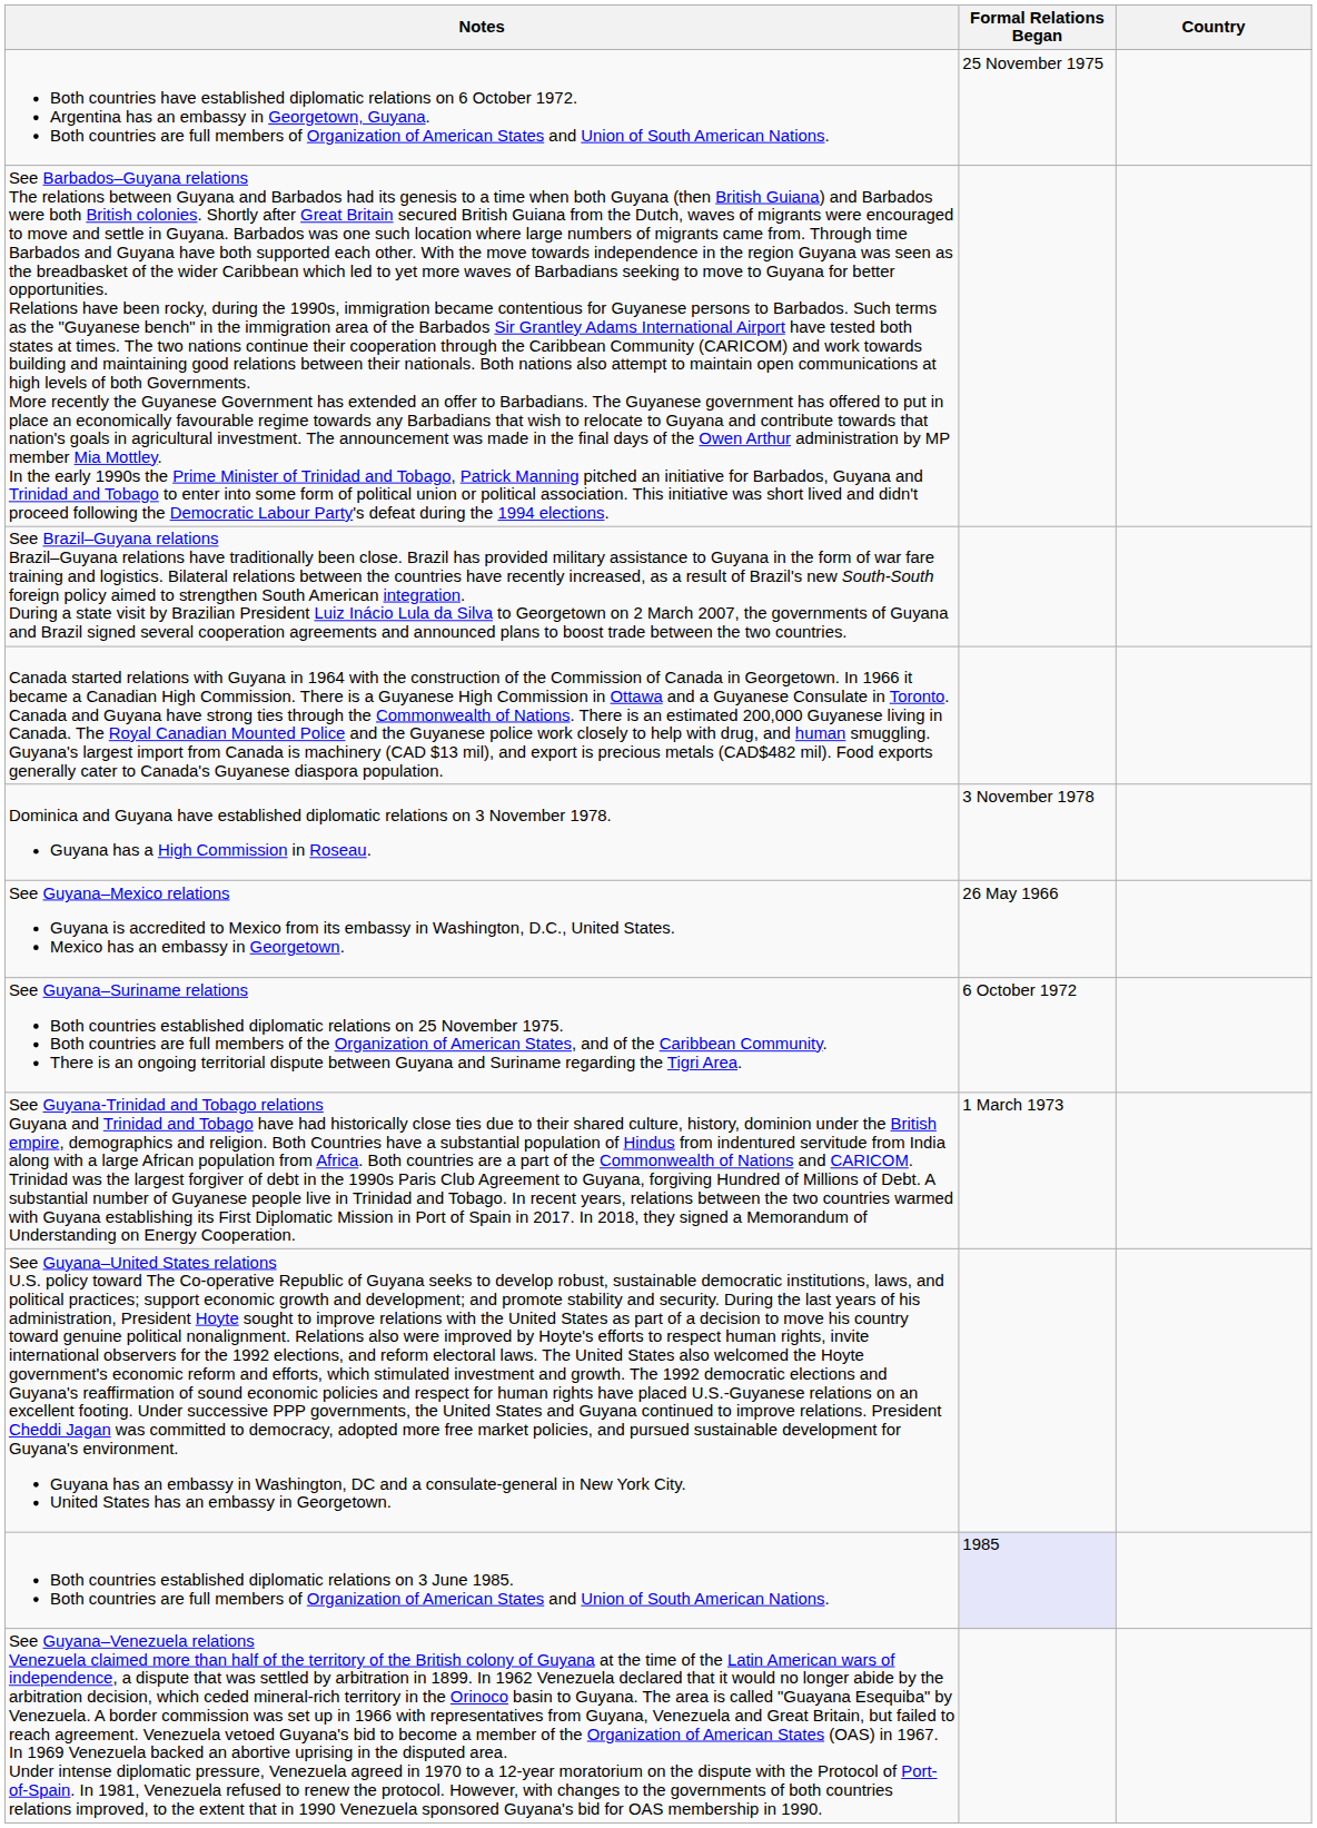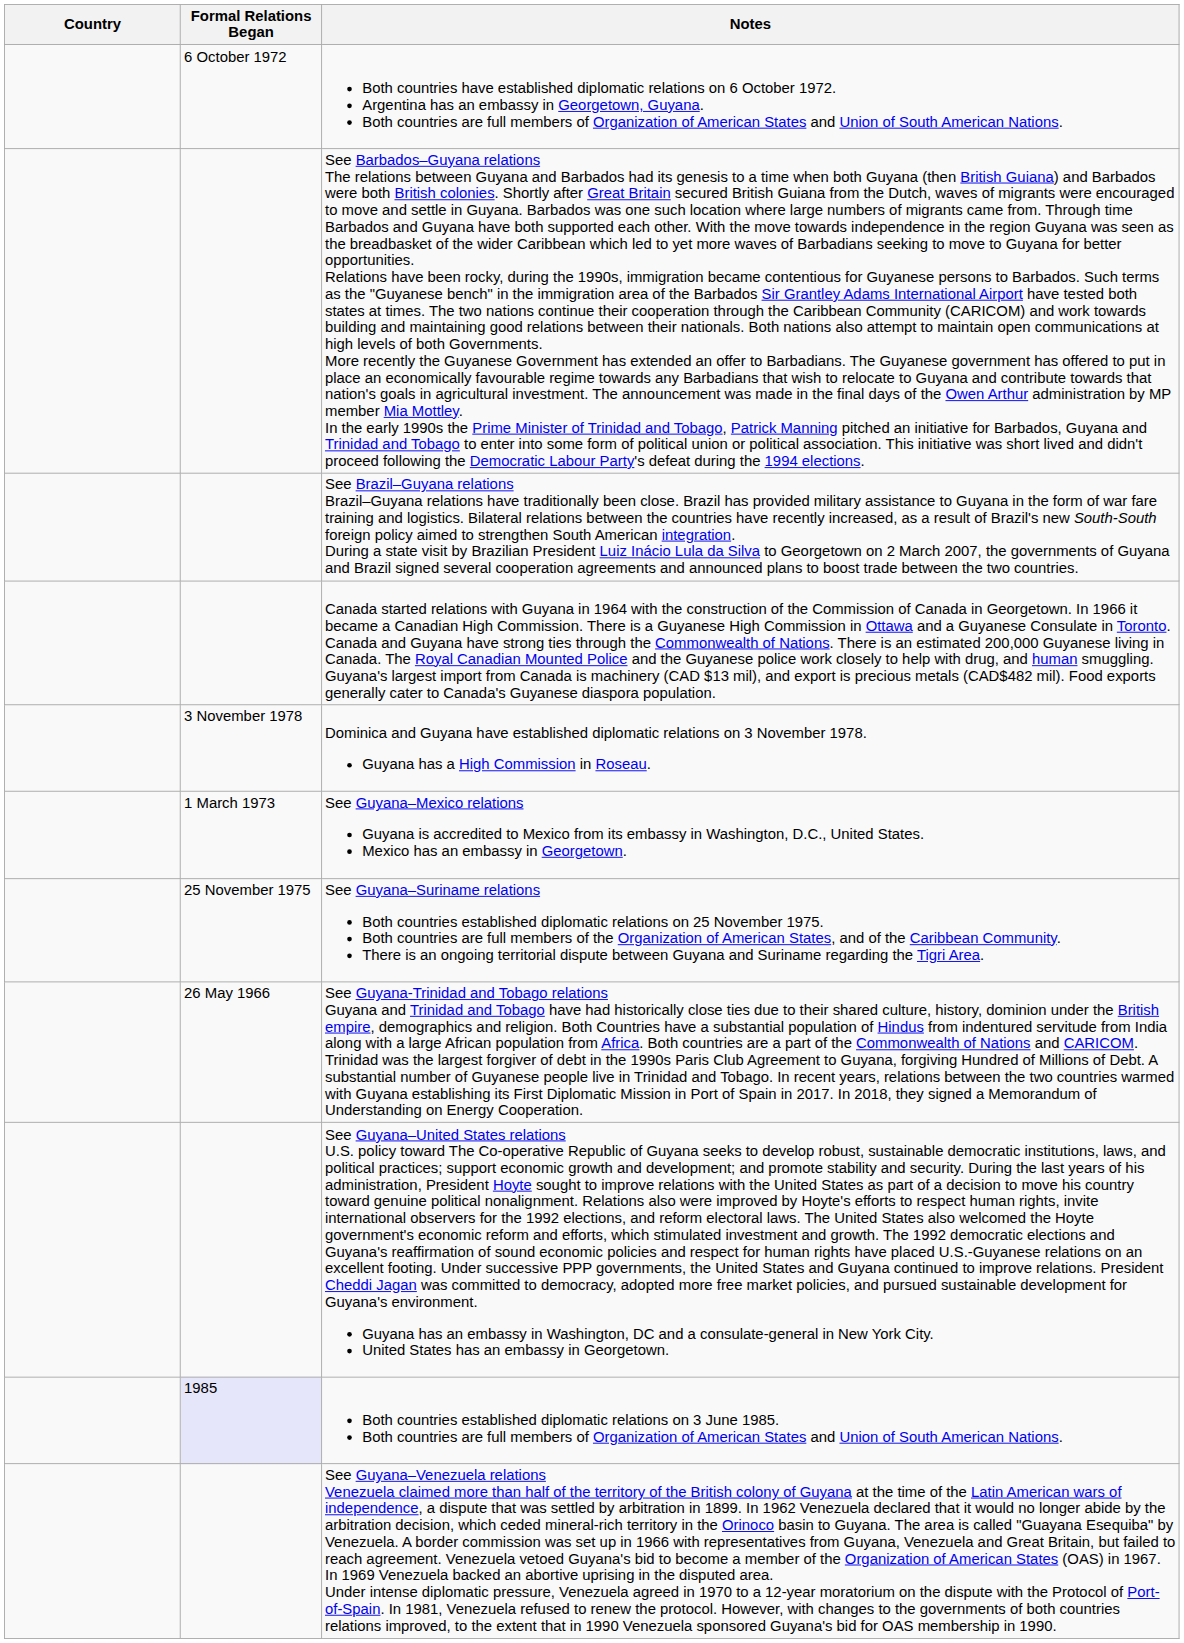 <table class="wikitable sortable" style="width:100%; margin:auto;">
 <tr>
+<th style="width:15%;">Country</th>
+<th style="width:12%;">Formal Relations Began</th>
 <th>Notes</th>
-<th style="width:12%;">Formal Relations Began</th>
-<th style="width:15%;">Country</th>
 </tr>
 <tr valign="top">
+<td></td>
+<td>6 October 1972</td>
 <td><br><ul><li>Both countries have established diplomatic relations on 6 October 1972.</li><li>Argentina has an embassy in <a href='#'>Georgetown, Guyana</a>.</li><li>Both countries are full members of <a href='#'>Organization of American States</a> and <a href='#'>Union of South American Nations</a>.</li></ul></td>
-<td>25 November 1975</td>
-<td></td>
 </tr>
 <tr valign="top">
-<td>See <a href='#'>Barbados–Guyana relations</a><br>The relations between Guyana and Barbados had its genesis to a time when both Guyana (then <a href='#'>British Guiana</a>) and Barbados were both <a href='#'>British colonies</a>.  Shortly after <a href='#'>Great Britain</a> secured British Guiana from the Dutch, waves of migrants were encouraged to move and settle in Guyana.  Barbados was one such location where large numbers of migrants came from.  Through time Barbados and Guyana have both supported each other. With the move towards independence in the region Guyana was seen as the breadbasket of the wider Caribbean which led to yet more waves of Barbadians seeking to move to Guyana for better opportunities.<br>Relations have been rocky, during the 1990s, immigration became contentious for Guyanese persons to Barbados.  Such terms as the "Guyanese bench" in the immigration area of the Barbados <a href='#'>Sir Grantley Adams International Airport</a> have tested both states at times.  The two nations continue their cooperation through the Caribbean Community (CARICOM) and work towards building and maintaining good relations between their nationals.  Both nations also attempt to maintain open communications at high levels of both Governments.<br>More recently the Guyanese Government has extended an offer to Barbadians. The Guyanese government has offered to put in place an economically favourable regime towards any Barbadians that wish to relocate to Guyana and contribute towards that nation's goals in agricultural investment. The announcement was made in the final days of the <a href='#'>Owen Arthur</a> administration by MP member <a href='#'>Mia Mottley</a>.<br>In the early 1990s the <a href='#'>Prime Minister of Trinidad and Tobago</a>, <a href='#'>Patrick Manning</a> pitched an initiative for Barbados, Guyana and <a href='#'>Trinidad and Tobago</a> to enter into some form of political union or political association.  This initiative was short lived and didn't proceed following the <a href='#'>Democratic Labour Party</a>'s defeat during the <a href='#'>1994 elections</a>.</td>
 <td></td>
 <td></td>
+<td>See <a href='#'>Barbados–Guyana relations</a><br>The relations between Guyana and Barbados had its genesis to a time when both Guyana (then <a href='#'>British Guiana</a>) and Barbados were both <a href='#'>British colonies</a>.  Shortly after <a href='#'>Great Britain</a> secured British Guiana from the Dutch, waves of migrants were encouraged to move and settle in Guyana.  Barbados was one such location where large numbers of migrants came from.  Through time Barbados and Guyana have both supported each other. With the move towards independence in the region Guyana was seen as the breadbasket of the wider Caribbean which led to yet more waves of Barbadians seeking to move to Guyana for better opportunities.<br>Relations have been rocky, during the 1990s, immigration became contentious for Guyanese persons to Barbados.  Such terms as the "Guyanese bench" in the immigration area of the Barbados <a href='#'>Sir Grantley Adams International Airport</a> have tested both states at times.  The two nations continue their cooperation through the Caribbean Community (CARICOM) and work towards building and maintaining good relations between their nationals.  Both nations also attempt to maintain open communications at high levels of both Governments.<br>More recently the Guyanese Government has extended an offer to Barbadians. The Guyanese government has offered to put in place an economically favourable regime towards any Barbadians that wish to relocate to Guyana and contribute towards that nation's goals in agricultural investment. The announcement was made in the final days of the <a href='#'>Owen Arthur</a> administration by MP member <a href='#'>Mia Mottley</a>.<br>In the early 1990s the <a href='#'>Prime Minister of Trinidad and Tobago</a>, <a href='#'>Patrick Manning</a> pitched an initiative for Barbados, Guyana and <a href='#'>Trinidad and Tobago</a> to enter into some form of political union or political association.  This initiative was short lived and didn't proceed following the <a href='#'>Democratic Labour Party</a>'s defeat during the <a href='#'>1994 elections</a>.</td>
 </tr>
 <tr valign="top">
-<td>See <a href='#'>Brazil–Guyana relations</a><br>Brazil–Guyana relations have traditionally been close. Brazil has provided military assistance to Guyana in the form of war fare training and logistics. Bilateral relations between the countries have recently increased, as a result of Brazil's new <em>South-South</em> foreign policy aimed to strengthen South American <a href='#'>integration</a>.<br>During a state visit by Brazilian President <a href='#'>Luiz Inácio Lula da Silva</a> to Georgetown on 2 March 2007, the governments of Guyana and Brazil signed several cooperation agreements and announced plans to boost trade between the two countries.</td>
 <td></td>
 <td></td>
+<td>See <a href='#'>Brazil–Guyana relations</a><br>Brazil–Guyana relations have traditionally been close. Brazil has provided military assistance to Guyana in the form of war fare training and logistics. Bilateral relations between the countries have recently increased, as a result of Brazil's new <em>South-South</em> foreign policy aimed to strengthen South American <a href='#'>integration</a>.<br>During a state visit by Brazilian President <a href='#'>Luiz Inácio Lula da Silva</a> to Georgetown on 2 March 2007, the governments of Guyana and Brazil signed several cooperation agreements and announced plans to boost trade between the two countries.</td>
 </tr>
 <tr valign="top">
-<td><br>Canada started relations with Guyana in 1964 with the construction of the Commission of Canada in Georgetown. In 1966 it became a Canadian High Commission. There is a Guyanese High Commission in <a href='#'>Ottawa</a> and a Guyanese Consulate in <a href='#'>Toronto</a>.<br>Canada and Guyana have strong ties through the <a href='#'>Commonwealth of Nations</a>. There is an estimated 200,000 Guyanese living in Canada. The <a href='#'>Royal Canadian Mounted Police</a> and the Guyanese police work closely to help with drug, and <a href='#'>human</a> smuggling.<br>Guyana's largest import from Canada is machinery (CAD $13 mil), and export is precious metals (CAD$482 mil). Food exports generally cater to Canada's Guyanese diaspora population.</td>
 <td></td>
 <td></td>
+<td><br>Canada started relations with Guyana in 1964 with the construction of the Commission of Canada in Georgetown. In 1966 it became a Canadian High Commission. There is a Guyanese High Commission in <a href='#'>Ottawa</a> and a Guyanese Consulate in <a href='#'>Toronto</a>.<br>Canada and Guyana have strong ties through the <a href='#'>Commonwealth of Nations</a>. There is an estimated 200,000 Guyanese living in Canada. The <a href='#'>Royal Canadian Mounted Police</a> and the Guyanese police work closely to help with drug, and <a href='#'>human</a> smuggling.<br>Guyana's largest import from Canada is machinery (CAD $13 mil), and export is precious metals (CAD$482 mil). Food exports generally cater to Canada's Guyanese diaspora population.</td>
 </tr>
 <tr valign="top">
+<td></td>
+<td>3 November 1978</td>
 <td><br>Dominica and Guyana have established diplomatic relations on 3 November 1978.<ul><li>Guyana has a <a href='#'>High Commission</a> in <a href='#'>Roseau</a>.</li></ul></td>
-<td>3 November 1978</td>
-<td></td>
 </tr>
 <tr valign="top">
+<td></td>
+<td>1 March 1973</td>
 <td>See <a href='#'>Guyana–Mexico relations</a><br><ul><li>Guyana is accredited to Mexico from its embassy in Washington, D.C., United States.</li><li>Mexico has an embassy in <a href='#'>Georgetown</a>.</li></ul></td>
-<td>26 May 1966</td>
-<td></td>
 </tr>
 <tr valign="top">
+<td></td>
+<td>25 November 1975</td>
 <td>See <a href='#'>Guyana–Suriname relations</a><br><ul><li>Both countries established diplomatic relations on 25 November 1975.</li><li>Both countries are full members of the <a href='#'>Organization of American States</a>, and of the <a href='#'>Caribbean Community</a>.</li><li>There is an ongoing territorial dispute between Guyana and Suriname regarding the <a href='#'>Tigri Area</a>.</li></ul></td>
-<td>6 October 1972</td>
-<td></td>
 </tr>
 <tr valign="top">
+<td></td>
+<td>26 May 1966</td>
 <td>See <a href='#'>Guyana-Trinidad and Tobago relations</a><br>Guyana and <a href='#'>Trinidad and Tobago</a> have had historically close ties due to their shared culture, history, dominion under the <a href='#'>British empire</a>, demographics and religion. Both Countries have a substantial population of <a href='#'>Hindus</a> from indentured servitude from India along with a large African population from <a href='#'>Africa</a>. Both countries are a part of the <a href='#'>Commonwealth of Nations</a> and <a href='#'>CARICOM</a>. Trinidad was the largest forgiver of debt in the 1990s Paris Club Agreement to Guyana, forgiving Hundred of Millions of Debt. A substantial number of Guyanese people live in Trinidad and Tobago. In recent years, relations between the two countries warmed with Guyana establishing its First Diplomatic Mission in Port of Spain in 2017. In 2018, they signed a Memorandum of Understanding on Energy Cooperation.</td>
-<td>1 March 1973</td>
-<td></td>
 </tr>
 <tr valign="top">
-<td>See <a href='#'>Guyana–United States relations</a><br>U.S. policy toward The Co-operative Republic of Guyana seeks to develop robust, sustainable democratic institutions, laws, and political practices; support economic growth and development; and promote stability and security. During the last years of his administration, President <a href='#'>Hoyte</a> sought to improve relations with the United States as part of a decision to move his country toward genuine political nonalignment. Relations also were improved by Hoyte's efforts to respect human rights, invite international observers for the 1992 elections, and reform electoral laws.  The United States also welcomed the Hoyte government's economic reform and efforts, which stimulated investment and growth. The 1992 democratic elections and Guyana's reaffirmation of sound economic policies and respect for human rights have placed U.S.-Guyanese relations on an excellent footing. Under successive PPP governments, the United States and Guyana continued to improve relations. President <a href='#'>Cheddi Jagan</a> was committed to democracy, adopted more free market policies, and pursued sustainable development for Guyana's environment.<ul><li>Guyana has an embassy in Washington, DC and a consulate-general in New York City.</li><li>United States has an embassy in Georgetown.</li></ul></td>
 <td></td>
 <td></td>
+<td>See <a href='#'>Guyana–United States relations</a><br>U.S. policy toward The Co-operative Republic of Guyana seeks to develop robust, sustainable democratic institutions, laws, and political practices; support economic growth and development; and promote stability and security. During the last years of his administration, President <a href='#'>Hoyte</a> sought to improve relations with the United States as part of a decision to move his country toward genuine political nonalignment. Relations also were improved by Hoyte's efforts to respect human rights, invite international observers for the 1992 elections, and reform electoral laws.  The United States also welcomed the Hoyte government's economic reform and efforts, which stimulated investment and growth. The 1992 democratic elections and Guyana's reaffirmation of sound economic policies and respect for human rights have placed U.S.-Guyanese relations on an excellent footing. Under successive PPP governments, the United States and Guyana continued to improve relations. President <a href='#'>Cheddi Jagan</a> was committed to democracy, adopted more free market policies, and pursued sustainable development for Guyana's environment.<ul><li>Guyana has an embassy in Washington, DC and a consulate-general in New York City.</li><li>United States has an embassy in Georgetown.</li></ul></td>
 </tr>
 <tr valign="top">
+<td></td>
+<td style="background: lavender;">1985</td>
 <td><br><ul><li>Both countries established diplomatic relations on 3 June 1985.</li><li>Both countries are full members of <a href='#'>Organization of American States</a> and <a href='#'>Union of South American Nations</a>.</li></ul></td>
-<td style="background: lavender;">1985</td>
-<td></td>
 </tr>
 <tr valign="top">
-<td>See <a href='#'>Guyana–Venezuela relations</a><br><a href='#'>Venezuela claimed more than half of the territory of the British colony of Guyana</a> at the time of the <a href='#'>Latin American wars of independence</a>, a dispute that was settled by arbitration in 1899. In 1962 Venezuela declared that it would no longer abide by the arbitration decision, which ceded mineral-rich territory in the <a href='#'>Orinoco</a> basin to Guyana. The area is called "Guayana Esequiba" by Venezuela. A border commission was set up in 1966 with representatives from Guyana, Venezuela and Great Britain, but failed to reach agreement. Venezuela vetoed Guyana's bid to become a member of the <a href='#'>Organization of American States</a> (OAS) in 1967. In 1969 Venezuela backed an abortive uprising in the disputed area.<br>Under intense diplomatic pressure, Venezuela agreed in 1970 to a 12-year moratorium on the dispute with the Protocol of <a href='#'>Port-of-Spain</a>. In 1981, Venezuela refused to renew the protocol. However, with changes to the governments of both countries relations improved, to the extent that in 1990 Venezuela sponsored Guyana's bid for OAS membership in 1990.</td>
 <td></td>
 <td></td>
+<td>See <a href='#'>Guyana–Venezuela relations</a><br><a href='#'>Venezuela claimed more than half of the territory of the British colony of Guyana</a> at the time of the <a href='#'>Latin American wars of independence</a>, a dispute that was settled by arbitration in 1899. In 1962 Venezuela declared that it would no longer abide by the arbitration decision, which ceded mineral-rich territory in the <a href='#'>Orinoco</a> basin to Guyana. The area is called "Guayana Esequiba" by Venezuela. A border commission was set up in 1966 with representatives from Guyana, Venezuela and Great Britain, but failed to reach agreement. Venezuela vetoed Guyana's bid to become a member of the <a href='#'>Organization of American States</a> (OAS) in 1967. In 1969 Venezuela backed an abortive uprising in the disputed area.<br>Under intense diplomatic pressure, Venezuela agreed in 1970 to a 12-year moratorium on the dispute with the Protocol of <a href='#'>Port-of-Spain</a>. In 1981, Venezuela refused to renew the protocol. However, with changes to the governments of both countries relations improved, to the extent that in 1990 Venezuela sponsored Guyana's bid for OAS membership in 1990.</td>
 </tr>
 </table>
